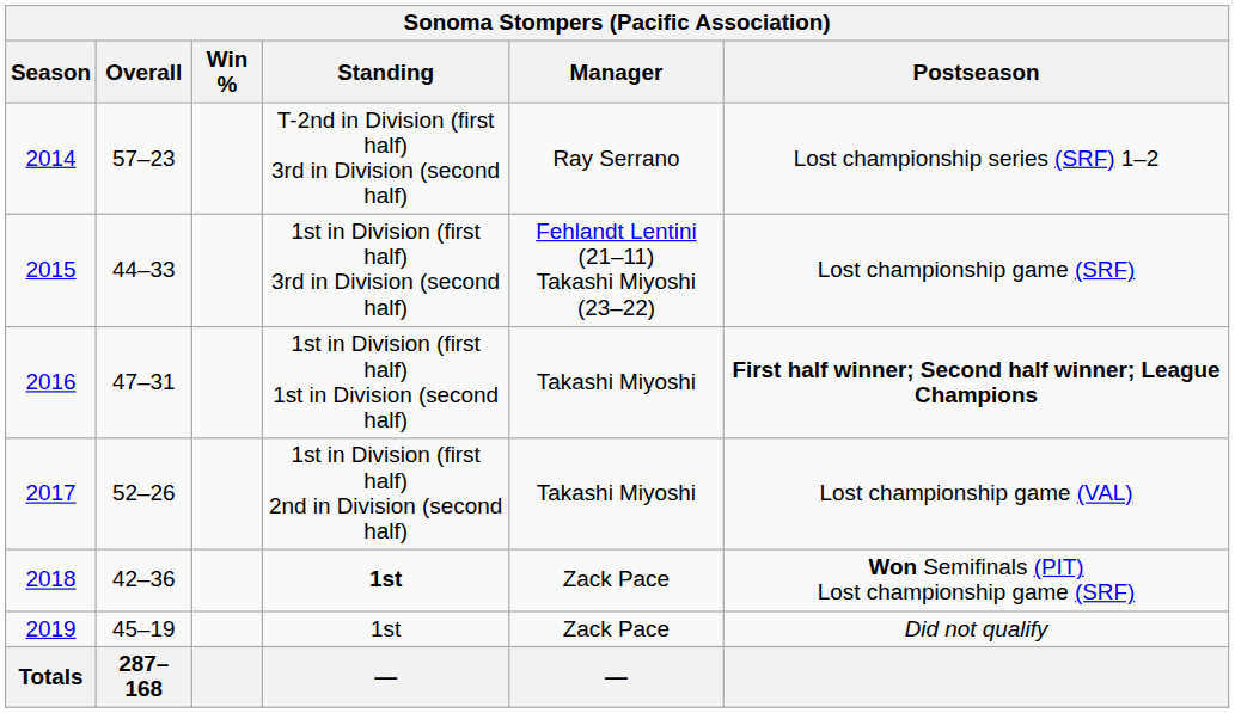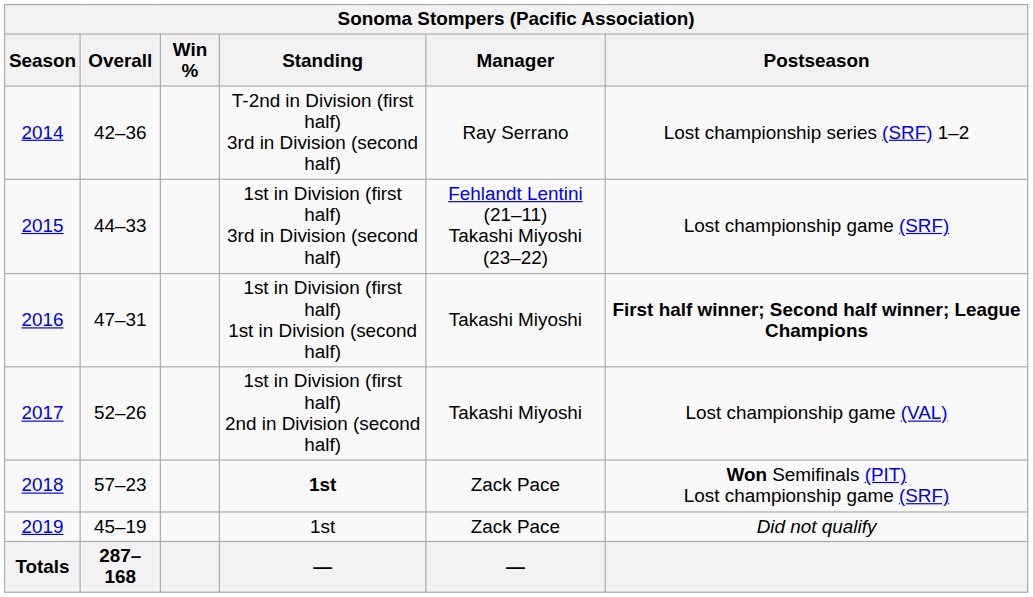 <table class="wikitable" style="text-align:center">
 <tr>
 <th colspan="7">Sonoma Stompers (Pacific Association)</th>
 </tr>
 <tr>
 <th>Season</th>
 <th>Overall</th>
 <th>Win %</th>
 <th>Standing</th>
 <th>Manager</th>
 <th>Postseason</th>
 </tr>
 <tr>
 <td><a href='#'>2014</a></td>
-<td>57–23</td>
+<td>42–36</td>
 <td></td>
 <td>T-2nd in Division (first half)<br>3rd in Division (second half)</td>
 <td>Ray Serrano</td>
 <td>Lost championship series <a href='#'>(SRF)</a> 1–2</td>
 </tr>
 <tr>
 <td><a href='#'>2015</a></td>
 <td>44–33</td>
 <td></td>
 <td>1st in Division (first half)<br>3rd in Division (second half)</td>
 <td><a href='#'>Fehlandt Lentini</a> (21–11)<br> Takashi Miyoshi (23–22)</td>
 <td>Lost championship game <a href='#'>(SRF)</a></td>
 </tr>
 <tr>
 <td><a href='#'>2016</a></td>
 <td>47–31</td>
 <td></td>
 <td>1st in Division (first half)<br>1st in Division (second half)</td>
 <td>Takashi Miyoshi</td>
 <td><strong>First half winner; Second half winner; League Champions</strong></td>
 </tr>
 <tr>
 <td><a href='#'>2017</a></td>
 <td>52–26</td>
 <td></td>
 <td>1st in Division (first half)<br>2nd in Division (second half)</td>
 <td>Takashi Miyoshi</td>
 <td>Lost championship game <a href='#'>(VAL)</a></td>
 </tr>
 <tr>
 <td><a href='#'>2018</a></td>
-<td>42–36</td>
+<td>57–23</td>
 <td></td>
 <td><strong>1st</strong></td>
 <td>Zack Pace</td>
 <td><strong>Won</strong> Semifinals <a href='#'>(PIT)</a><br> Lost championship game <a href='#'>(SRF)</a></td>
 </tr>
 <tr>
 <td><a href='#'>2019</a></td>
 <td>45–19</td>
 <td></td>
 <td>1st</td>
 <td>Zack Pace</td>
 <td><em>Did not qualify</em></td>
 </tr>
 <tr align="center">
 <th colspan="1">Totals</th>
 <th>287–168</th>
 <th></th>
 <th>—</th>
 <th>—</th>
 <th></th>
 </tr>
 </table>
